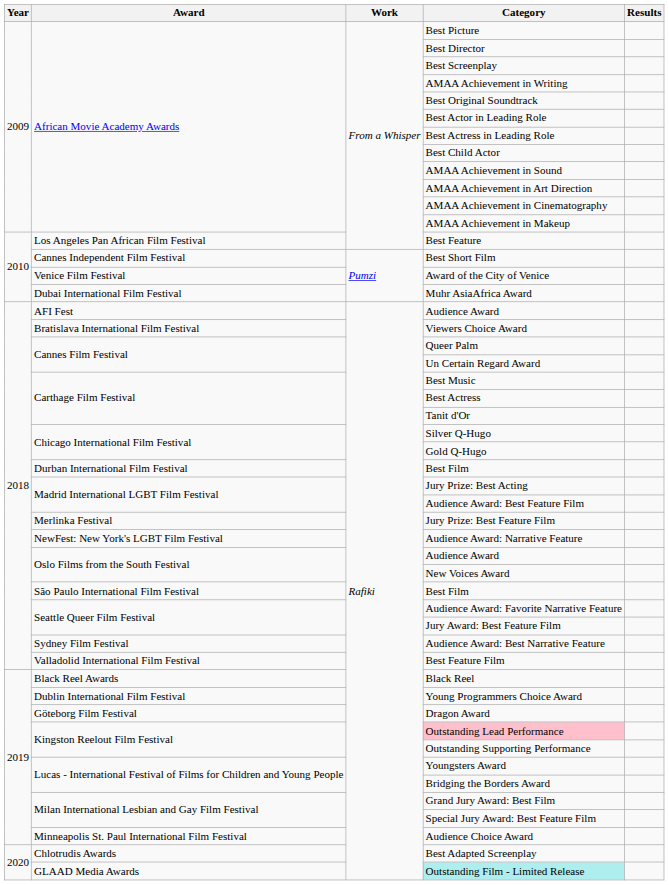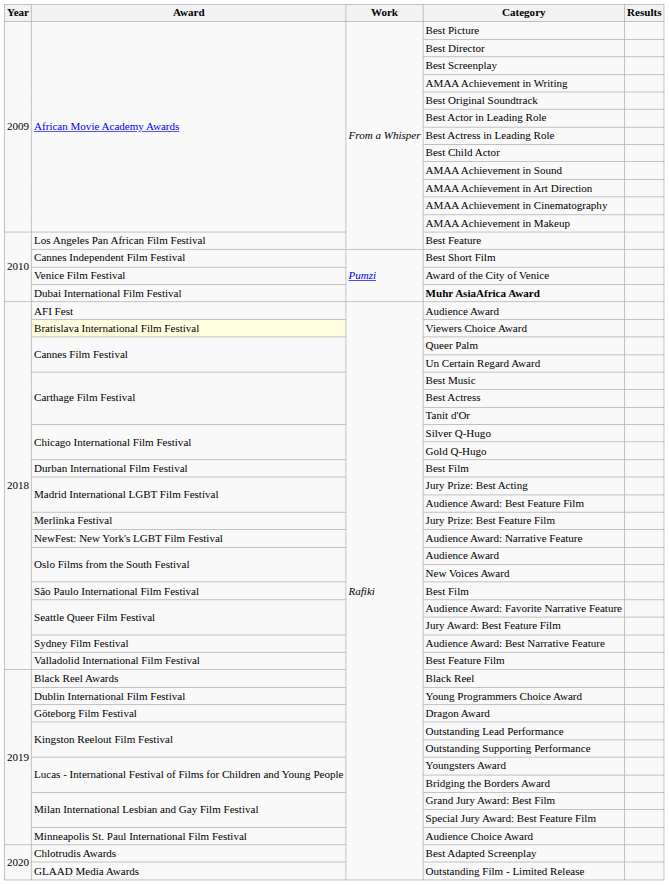 <table class="wikitable">
 <tr>
 <th>Year</th>
 <th>Award</th>
 <th>Work</th>
 <th>Category</th>
 <th>Results</th>
 </tr>
 <tr>
 <td rowspan="12">2009</td>
 <td rowspan="12"><a href='#'>African Movie Academy Awards</a></td>
 <td rowspan="13"><em>From a Whisper</em></td>
 <td>Best Picture</td>
 <td></td>
 </tr>
 <tr>
 <td>Best Director</td>
 <td></td>
 </tr>
 <tr>
 <td>Best Screenplay</td>
 <td></td>
 </tr>
 <tr>
 <td>AMAA Achievement in Writing</td>
 <td></td>
 </tr>
 <tr>
 <td>Best Original Soundtrack</td>
 <td></td>
 </tr>
 <tr>
 <td>Best Actor in Leading Role</td>
 <td></td>
 </tr>
 <tr>
 <td>Best Actress in Leading Role</td>
 <td></td>
 </tr>
 <tr>
 <td>Best Child Actor</td>
 <td></td>
 </tr>
 <tr>
 <td>AMAA Achievement in Sound</td>
 <td></td>
 </tr>
 <tr>
 <td>AMAA Achievement in Art Direction</td>
 <td></td>
 </tr>
 <tr>
 <td>AMAA Achievement in Cinematography</td>
 <td></td>
 </tr>
 <tr>
 <td>AMAA Achievement in Makeup</td>
 <td></td>
 </tr>
 <tr>
 <td rowspan="4">2010</td>
 <td>Los Angeles Pan African Film Festival</td>
 <td>Best Feature</td>
 <td></td>
 </tr>
 <tr>
 <td>Cannes Independent Film Festival</td>
 <td rowspan="3"><em><a href='#'>Pumzi</a></em></td>
 <td>Best Short Film</td>
 <td></td>
 </tr>
 <tr>
 <td>Venice Film Festival</td>
 <td>Award of the City of Venice</td>
 <td></td>
 </tr>
 <tr>
 <td>Dubai International Film Festival</td>
-<td>Muhr AsiaAfrica Award</td>
+<td><strong>Muhr AsiaAfrica Award</strong></td>
 <td></td>
 </tr>
 <tr>
 <td rowspan="21">2018</td>
 <td>AFI Fest</td>
 <td rowspan="33"><em>Rafiki</em></td>
 <td>Audience Award</td>
 <td></td>
 </tr>
 <tr>
-<td>Bratislava International Film Festival</td>
+<td style="background: lightyellow;">Bratislava International Film Festival</td>
 <td>Viewers Choice Award</td>
 <td></td>
 </tr>
 <tr>
 <td rowspan="2">Cannes Film Festival</td>
 <td>Queer Palm</td>
 <td></td>
 </tr>
 <tr>
 <td>Un Certain Regard Award</td>
 <td></td>
 </tr>
 <tr>
 <td rowspan="3">Carthage Film Festival</td>
 <td>Best Music</td>
 <td></td>
 </tr>
 <tr>
 <td>Best Actress</td>
 <td></td>
 </tr>
 <tr>
 <td>Tanit d'Or</td>
 <td></td>
 </tr>
 <tr>
 <td rowspan="2">Chicago International Film Festival</td>
 <td>Silver Q-Hugo</td>
 <td></td>
 </tr>
 <tr>
 <td>Gold Q-Hugo</td>
 <td></td>
 </tr>
 <tr>
 <td>Durban International Film Festival</td>
 <td>Best Film</td>
 <td></td>
 </tr>
 <tr>
 <td rowspan="2">Madrid International LGBT Film Festival</td>
 <td>Jury Prize: Best Acting</td>
 <td></td>
 </tr>
 <tr>
 <td>Audience Award: Best Feature Film</td>
 <td></td>
 </tr>
 <tr>
 <td>Merlinka Festival</td>
 <td>Jury Prize: Best Feature Film</td>
 <td></td>
 </tr>
 <tr>
 <td>NewFest: New York's LGBT Film Festival</td>
 <td>Audience Award: Narrative Feature</td>
 <td></td>
 </tr>
 <tr>
 <td rowspan="2">Oslo Films from the South Festival</td>
 <td>Audience Award</td>
 <td></td>
 </tr>
 <tr>
 <td>New Voices Award</td>
 <td></td>
 </tr>
 <tr>
 <td>São Paulo International Film Festival</td>
 <td>Best Film</td>
 <td></td>
 </tr>
 <tr>
 <td rowspan="2">Seattle Queer Film Festival</td>
 <td>Audience Award: Favorite Narrative Feature</td>
 <td></td>
 </tr>
 <tr>
 <td>Jury Award: Best Feature Film</td>
 <td></td>
 </tr>
 <tr>
 <td>Sydney Film Festival</td>
 <td>Audience Award: Best Narrative Feature</td>
 <td></td>
 </tr>
 <tr>
 <td>Valladolid International Film Festival</td>
 <td>Best Feature Film</td>
 <td></td>
 </tr>
 <tr>
 <td rowspan="10">2019</td>
 <td>Black Reel Awards</td>
 <td>Black Reel</td>
 <td></td>
 </tr>
 <tr>
 <td>Dublin International Film Festival</td>
 <td>Young Programmers Choice Award</td>
 <td></td>
 </tr>
 <tr>
 <td>Göteborg Film Festival</td>
 <td>Dragon Award</td>
 <td></td>
 </tr>
 <tr>
 <td rowspan="2">Kingston Reelout Film Festival</td>
-<td style="background: pink;">Outstanding Lead Performance</td>
+<td>Outstanding Lead Performance</td>
 <td></td>
 </tr>
 <tr>
 <td>Outstanding Supporting Performance</td>
 <td></td>
 </tr>
 <tr>
 <td rowspan="2">Lucas - International Festival of Films for Children and Young People</td>
 <td>Youngsters Award</td>
 <td></td>
 </tr>
 <tr>
 <td>Bridging the Borders Award</td>
 <td></td>
 </tr>
 <tr>
 <td rowspan="2">Milan International Lesbian and Gay Film Festival</td>
 <td>Grand Jury Award: Best Film</td>
 <td></td>
 </tr>
 <tr>
 <td>Special Jury Award: Best Feature Film</td>
 <td></td>
 </tr>
 <tr>
 <td>Minneapolis St. Paul International Film Festival</td>
 <td>Audience Choice Award</td>
 <td></td>
 </tr>
 <tr>
 <td rowspan="2">2020</td>
 <td>Chlotrudis Awards</td>
 <td>Best Adapted Screenplay</td>
 <td></td>
 </tr>
 <tr>
 <td>GLAAD Media Awards</td>
-<td style="background: paleturquoise;">Outstanding Film - Limited Release</td>
+<td>Outstanding Film - Limited Release</td>
 <td></td>
 </tr>
 </table>
